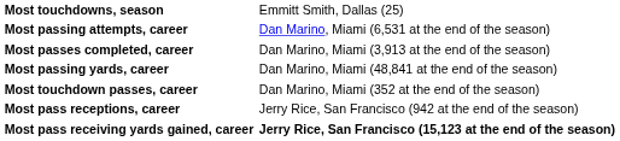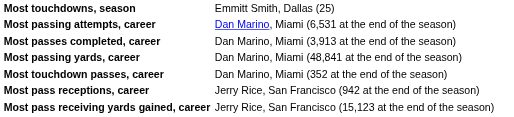 <table cellpadding="3" cellspacing="1">
 <tr>
 <td><strong>Most touchdowns, season</strong></td>
 <td>Emmitt Smith, Dallas (25)</td>
 </tr>
 <tr>
 <td><strong>Most passing attempts, career</strong></td>
 <td><a href='#'>Dan Marino</a>, Miami (6,531 at the end of the season)</td>
 </tr>
 <tr>
 <td><strong>Most passes completed, career</strong></td>
 <td>Dan Marino, Miami (3,913 at the end of the season)</td>
 </tr>
 <tr>
 <td><strong>Most passing yards, career</strong></td>
 <td>Dan Marino, Miami (48,841 at the end of the season)</td>
 </tr>
 <tr>
 <td><strong>Most touchdown passes, career</strong></td>
 <td>Dan Marino, Miami (352 at the end of the season)</td>
 </tr>
 <tr>
 <td><strong>Most pass receptions, career</strong></td>
 <td>Jerry Rice, San Francisco (942 at the end of the season)</td>
 </tr>
 <tr>
 <td><strong>Most pass receiving yards gained, career</strong></td>
-<td><strong>Jerry Rice, San Francisco (15,123 at the end of the season)</strong></td>
+<td>Jerry Rice, San Francisco (15,123 at the end of the season)</td>
 </tr>
 </table>
